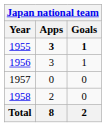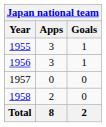 <table class="wikitable" style="text-align:center">
 <tr>
 <th colspan=3><a href='#'>Japan national team</a></th>
 </tr>
 <tr>
 <th>Year</th>
 <th>Apps</th>
 <th>Goals</th>
 </tr>
 <tr>
 <td><a href='#'>1955</a></td>
-<td><strong>3</strong></td>
-<td><strong>1</strong></td>
+<td>3</td>
+<td>1</td>
 </tr>
 <tr>
 <td><a href='#'>1956</a></td>
 <td>3</td>
 <td>1</td>
 </tr>
 <tr>
 <td>1957</td>
 <td>0</td>
 <td>0</td>
 </tr>
 <tr>
 <td><a href='#'>1958</a></td>
 <td>2</td>
 <td>0</td>
 </tr>
 <tr>
 <th>Total</th>
 <th>8</th>
 <th>2</th>
 </tr>
 </table>
